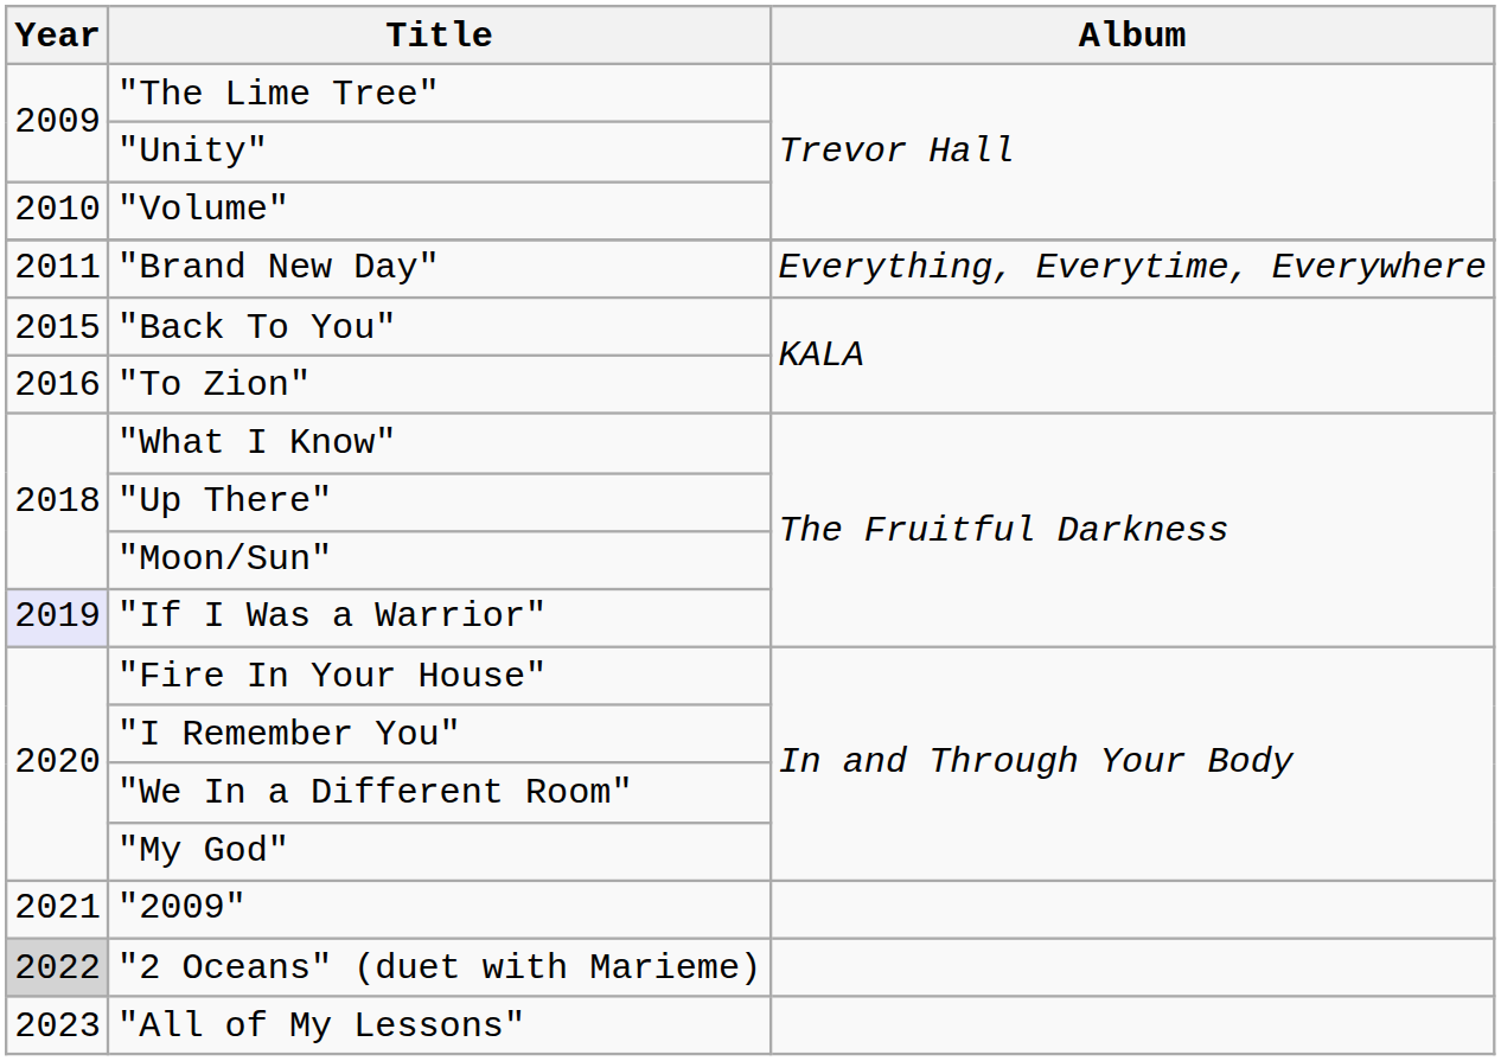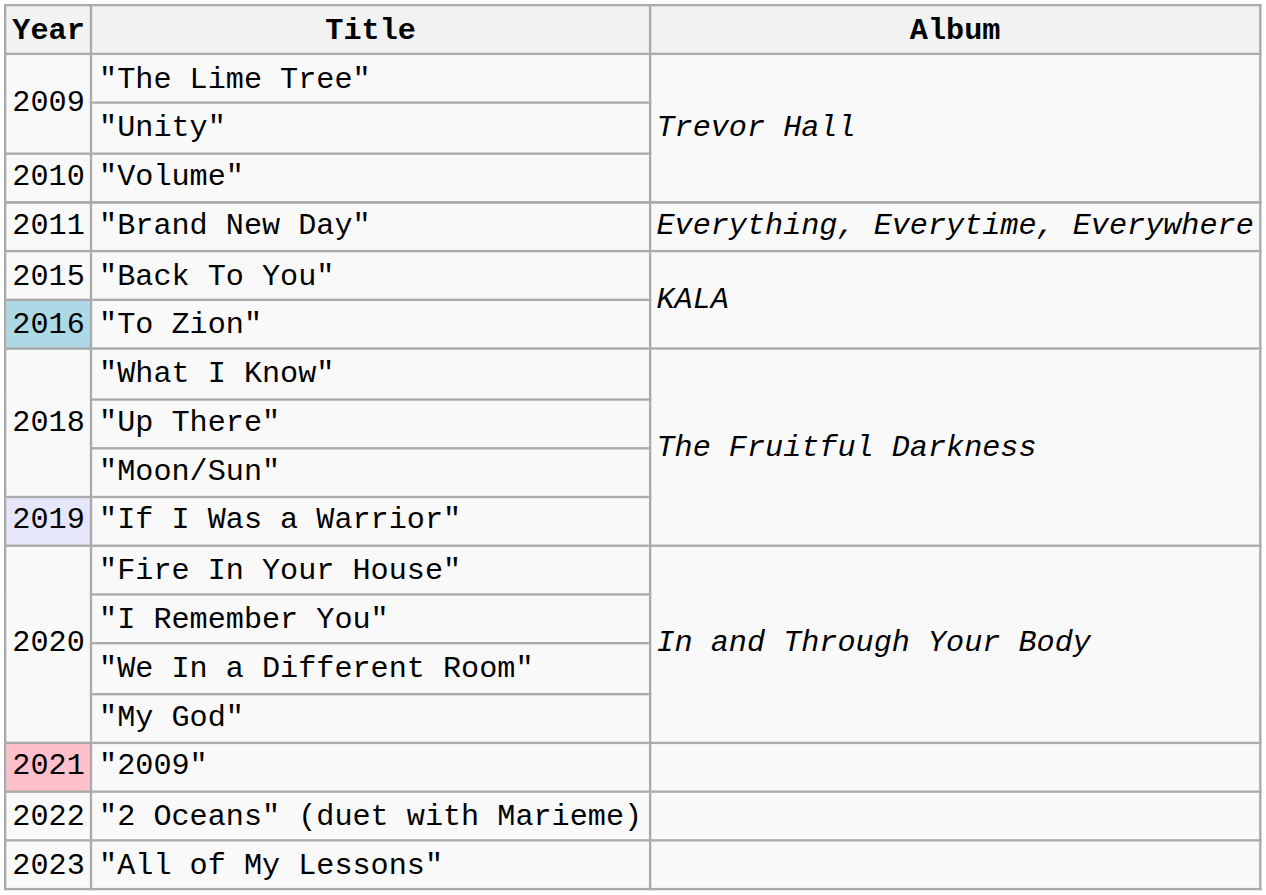 <table class="wikitable">
 <tr>
 <th>Year</th>
 <th>Title</th>
 <th>Album</th>
 </tr>
 <tr>
 <td rowspan="2">2009</td>
 <td>"The Lime Tree"</td>
 <td rowspan="3"><em>Trevor Hall</em></td>
 </tr>
 <tr>
 <td>"Unity"</td>
 </tr>
 <tr>
 <td>2010</td>
 <td>"Volume"</td>
 </tr>
 <tr>
 </tr>
 <tr>
 <td>2011</td>
 <td>"Brand New Day"</td>
 <td><em>Everything, Everytime, Everywhere</em></td>
 </tr>
 <tr>
 <td>2015</td>
 <td>"Back To You"</td>
 <td rowspan="2"><em>KALA</em></td>
 </tr>
 <tr>
-<td>2016</td>
+<td style="background: lightblue;">2016</td>
 <td>"To Zion"</td>
 </tr>
 <tr>
 <td rowspan="3">2018</td>
 <td>"What I Know"</td>
 <td rowspan="4"><em>The Fruitful Darkness</em></td>
 </tr>
 <tr>
 <td>"Up There"</td>
 </tr>
 <tr>
 <td>"Moon/Sun"</td>
 </tr>
 <tr>
 <td style="background: lavender;">2019</td>
 <td>"If I Was a Warrior"</td>
 </tr>
 <tr>
 <td rowspan="4">2020</td>
 <td>"Fire In Your House"</td>
 <td rowspan="4"><em>In and Through Your Body</em></td>
 </tr>
 <tr>
 <td>"I Remember You"</td>
 </tr>
 <tr>
 <td>"We In a Different Room"</td>
 </tr>
 <tr>
 <td>"My God"</td>
 </tr>
 <tr>
-<td>2021</td>
+<td style="background: pink;">2021</td>
 <td>"2009"</td>
 <td></td>
 </tr>
 <tr>
-<td style="background: lightgrey;">2022</td>
+<td>2022</td>
 <td>"2 Oceans" (duet with Marieme)</td>
 <td></td>
 </tr>
 <tr>
 <td>2023</td>
 <td>"All of My Lessons"</td>
 <td></td>
 </tr>
 </table>
